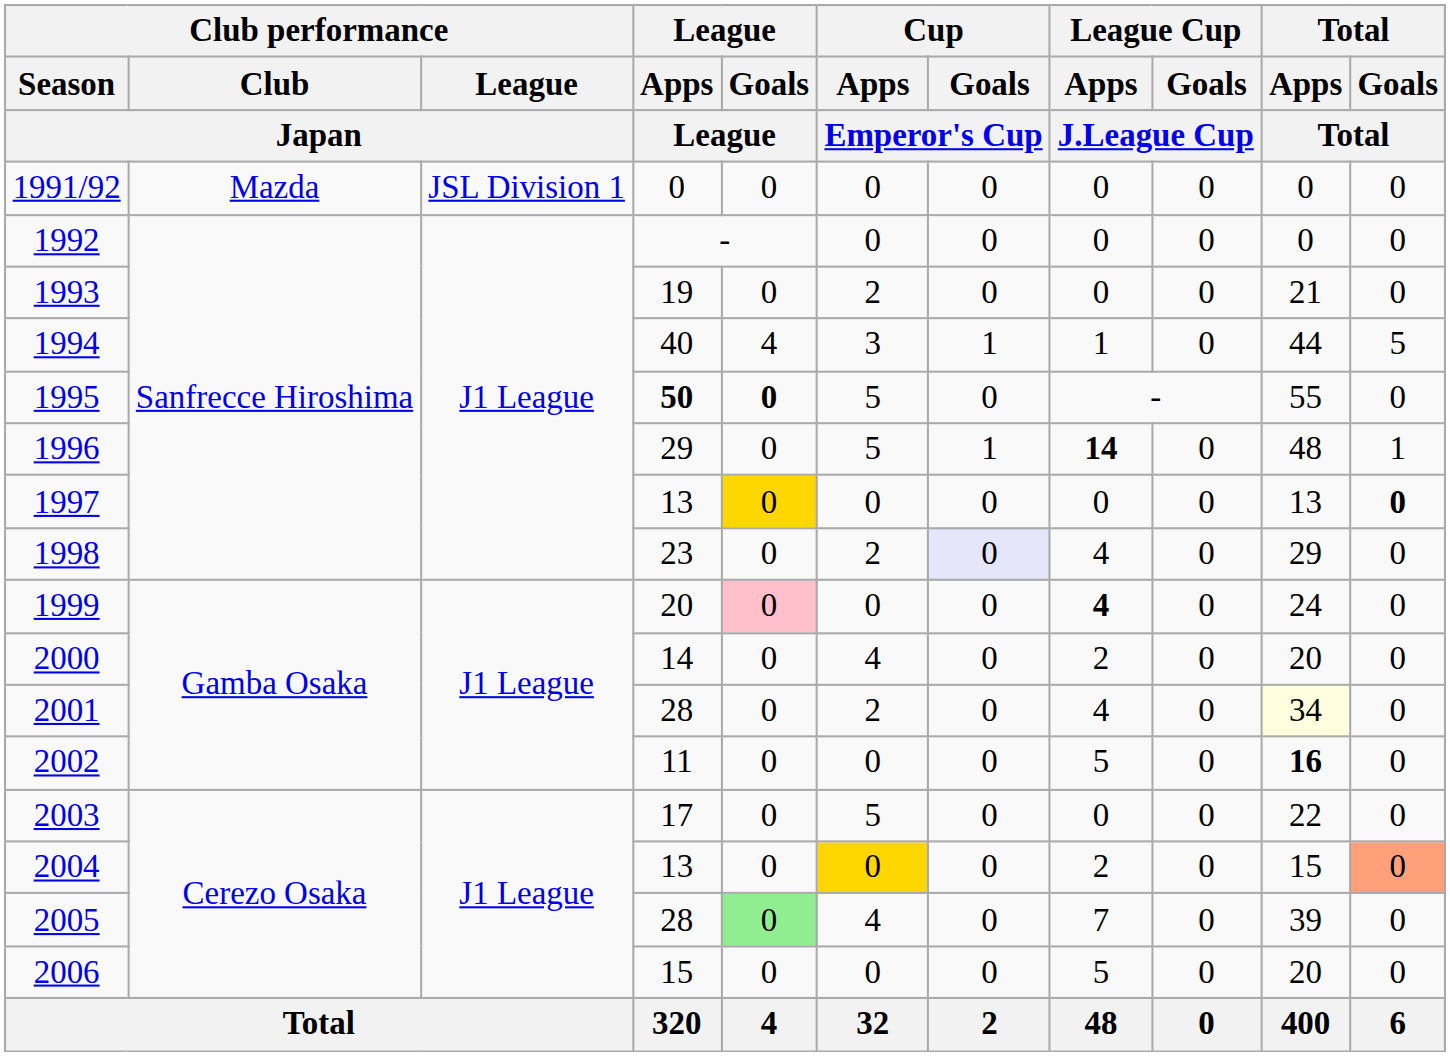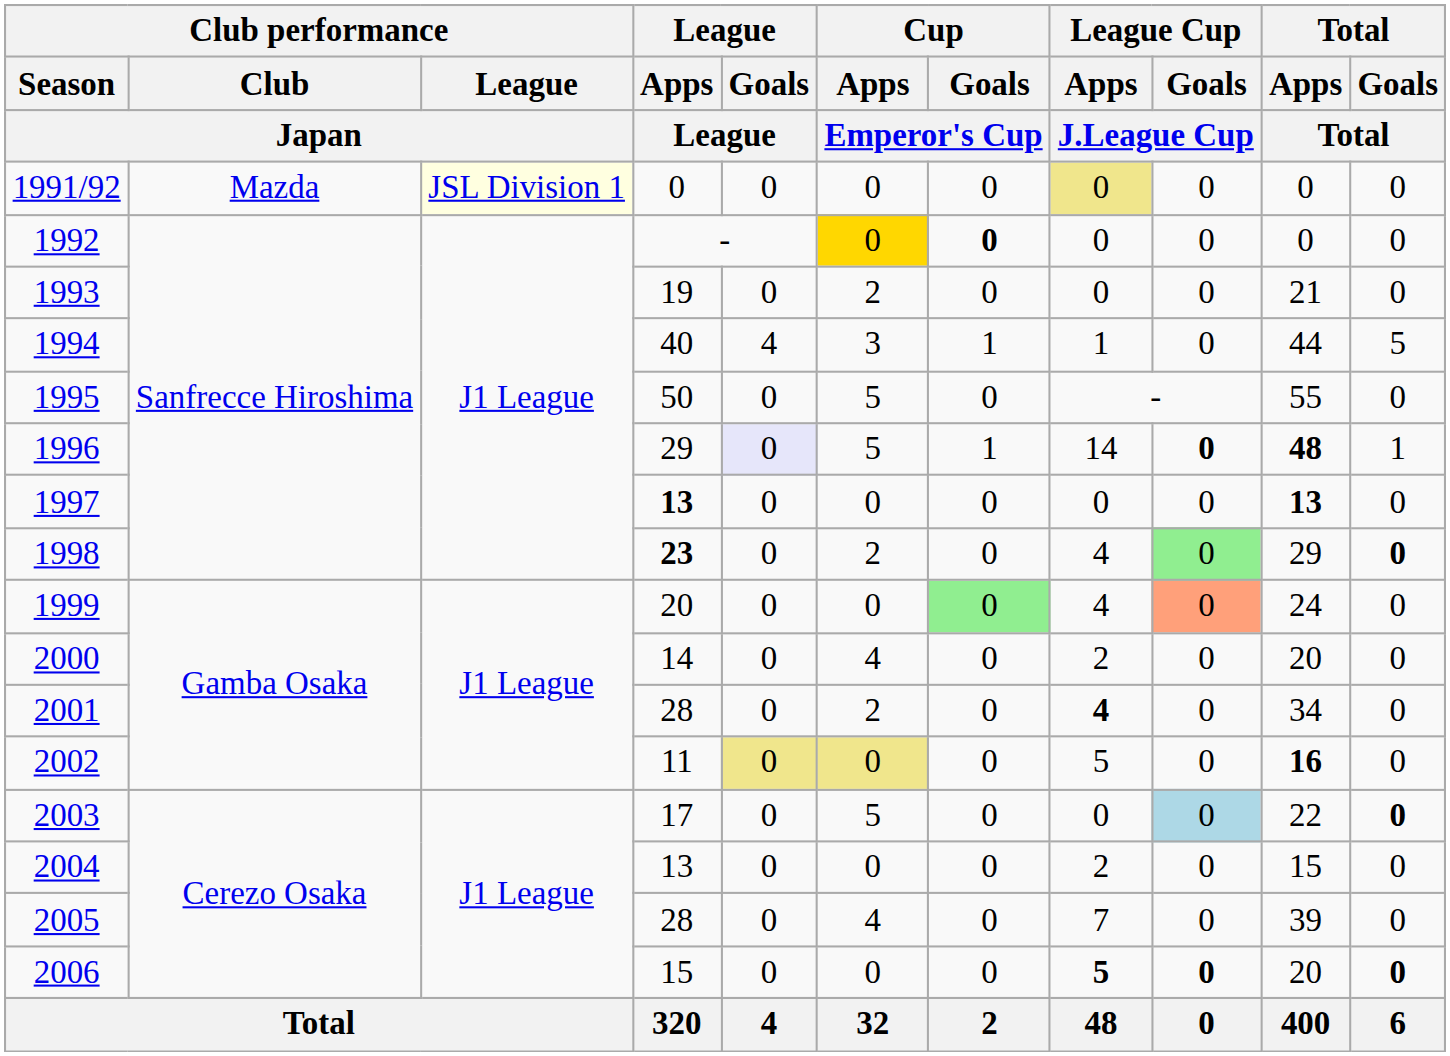 <table class="wikitable" style="text-align:center;">
 <tr>
 <th colspan=3>Club performance</th>
 <th colspan=2>League</th>
 <th colspan=2>Cup</th>
 <th colspan=2>League Cup</th>
 <th colspan=2>Total</th>
 </tr>
 <tr>
 <th>Season</th>
 <th>Club</th>
 <th>League</th>
 <th>Apps</th>
 <th>Goals</th>
 <th>Apps</th>
 <th>Goals</th>
 <th>Apps</th>
 <th>Goals</th>
 <th>Apps</th>
 <th>Goals</th>
 </tr>
 <tr>
 <th colspan=3>Japan</th>
 <th colspan=2>League</th>
 <th colspan=2><a href='#'>Emperor's Cup</a></th>
 <th colspan=2><a href='#'>J.League Cup</a></th>
 <th colspan=2>Total</th>
 </tr>
 <tr>
 <td><a href='#'>1991/92</a></td>
 <td><a href='#'>Mazda</a></td>
-<td><a href='#'>JSL Division 1</a></td>
+<td style="background: lightyellow;"><a href='#'>JSL Division 1</a></td>
 <td>0</td>
 <td>0</td>
 <td>0</td>
 <td>0</td>
-<td>0</td>
+<td style="background: khaki;">0</td>
 <td>0</td>
 <td>0</td>
 <td>0</td>
 </tr>
 <tr>
 <td><a href='#'>1992</a></td>
 <td rowspan="7"><a href='#'>Sanfrecce Hiroshima</a></td>
 <td rowspan="7"><a href='#'>J1 League</a></td>
 <td colspan="2">-</td>
-<td>0</td>
-<td>0</td>
+<td style="background: gold;">0</td>
+<td><strong>0</strong></td>
 <td>0</td>
 <td>0</td>
 <td>0</td>
 <td>0</td>
 </tr>
 <tr>
 <td><a href='#'>1993</a></td>
 <td>19</td>
 <td>0</td>
 <td>2</td>
 <td>0</td>
 <td>0</td>
 <td>0</td>
 <td>21</td>
 <td>0</td>
 </tr>
 <tr>
 <td><a href='#'>1994</a></td>
 <td>40</td>
 <td>4</td>
 <td>3</td>
 <td>1</td>
 <td>1</td>
 <td>0</td>
 <td>44</td>
 <td>5</td>
 </tr>
 <tr>
 <td><a href='#'>1995</a></td>
-<td><strong>50</strong></td>
-<td><strong>0</strong></td>
+<td>50</td>
+<td>0</td>
 <td>5</td>
 <td>0</td>
 <td colspan="2">-</td>
 <td>55</td>
 <td>0</td>
 </tr>
 <tr>
 <td><a href='#'>1996</a></td>
 <td>29</td>
-<td>0</td>
+<td style="background: lavender;">0</td>
 <td>5</td>
 <td>1</td>
-<td><strong>14</strong></td>
-<td>0</td>
-<td>48</td>
+<td>14</td>
+<td><strong>0</strong></td>
+<td><strong>48</strong></td>
 <td>1</td>
 </tr>
 <tr>
 <td><a href='#'>1997</a></td>
-<td>13</td>
-<td style="background: gold;">0</td>
+<td><strong>13</strong></td>
 <td>0</td>
 <td>0</td>
 <td>0</td>
 <td>0</td>
-<td>13</td>
-<td><strong>0</strong></td>
+<td>0</td>
+<td><strong>13</strong></td>
+<td>0</td>
 </tr>
 <tr>
 <td><a href='#'>1998</a></td>
-<td>23</td>
+<td><strong>23</strong></td>
 <td>0</td>
 <td>2</td>
-<td style="background: lavender;">0</td>
+<td>0</td>
 <td>4</td>
-<td>0</td>
+<td style="background: lightgreen;">0</td>
 <td>29</td>
-<td>0</td>
+<td><strong>0</strong></td>
 </tr>
 <tr>
 <td><a href='#'>1999</a></td>
 <td rowspan="4"><a href='#'>Gamba Osaka</a></td>
 <td rowspan="4"><a href='#'>J1 League</a></td>
 <td>20</td>
-<td style="background: pink;">0</td>
 <td>0</td>
 <td>0</td>
-<td><strong>4</strong></td>
-<td>0</td>
+<td style="background: lightgreen;">0</td>
+<td>4</td>
+<td style="background: lightsalmon;">0</td>
 <td>24</td>
 <td>0</td>
 </tr>
 <tr>
 <td><a href='#'>2000</a></td>
 <td>14</td>
 <td>0</td>
 <td>4</td>
 <td>0</td>
 <td>2</td>
 <td>0</td>
 <td>20</td>
 <td>0</td>
 </tr>
 <tr>
 <td><a href='#'>2001</a></td>
 <td>28</td>
 <td>0</td>
 <td>2</td>
 <td>0</td>
-<td>4</td>
+<td><strong>4</strong></td>
 <td>0</td>
-<td style="background: lightyellow;">34</td>
+<td>34</td>
 <td>0</td>
 </tr>
 <tr>
 <td><a href='#'>2002</a></td>
 <td>11</td>
-<td>0</td>
-<td>0</td>
+<td style="background: khaki;">0</td>
+<td style="background: khaki;">0</td>
 <td>0</td>
 <td>5</td>
 <td>0</td>
 <td><strong>16</strong></td>
 <td>0</td>
 </tr>
 <tr>
 <td><a href='#'>2003</a></td>
 <td rowspan="4"><a href='#'>Cerezo Osaka</a></td>
 <td rowspan="4"><a href='#'>J1 League</a></td>
 <td>17</td>
 <td>0</td>
 <td>5</td>
 <td>0</td>
 <td>0</td>
-<td>0</td>
+<td style="background: lightblue;">0</td>
 <td>22</td>
-<td>0</td>
+<td><strong>0</strong></td>
 </tr>
 <tr>
 <td><a href='#'>2004</a></td>
 <td>13</td>
 <td>0</td>
-<td style="background: gold;">0</td>
+<td>0</td>
 <td>0</td>
 <td>2</td>
 <td>0</td>
 <td>15</td>
-<td style="background: lightsalmon;">0</td>
+<td>0</td>
 </tr>
 <tr>
 <td><a href='#'>2005</a></td>
 <td>28</td>
-<td style="background: lightgreen;">0</td>
+<td>0</td>
 <td>4</td>
 <td>0</td>
 <td>7</td>
 <td>0</td>
 <td>39</td>
 <td>0</td>
 </tr>
 <tr>
 <td><a href='#'>2006</a></td>
 <td>15</td>
 <td>0</td>
 <td>0</td>
 <td>0</td>
-<td>5</td>
-<td>0</td>
+<td><strong>5</strong></td>
+<td><strong>0</strong></td>
 <td>20</td>
-<td>0</td>
+<td><strong>0</strong></td>
 </tr>
 <tr>
 <th colspan=3>Total</th>
 <th>320</th>
 <th>4</th>
 <th>32</th>
 <th>2</th>
 <th>48</th>
 <th>0</th>
 <th>400</th>
 <th>6</th>
 </tr>
 </table>
